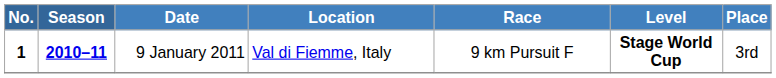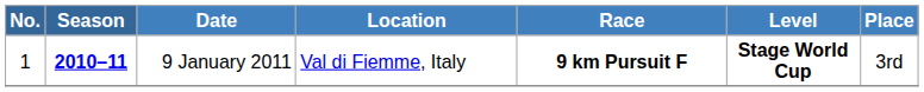 <table class="wikitable sortable" style="font-size:95%; text-align:center; border:grey solid 1px; border-collapse:collapse; background:#ffffff;">
 <tr style="background:#efefef;">
 <th style="background-color:#369; color:white;">No.</th>
 <th style="background-color:#369; color:white;">Season</th>
 <th style="background-color:#4180be; color:white; width:120px;">Date</th>
 <th style="background-color:#4180be; color:white; width:170px;">Location</th>
 <th style="background-color:#4180be; color:white; width:160px;">Race</th>
 <th style="background-color:#4180be; color:white; width:100px;">Level</th>
 <th style="background-color:#4180be; color:white;">Place</th>
 </tr>
 <tr>
-<td align=center><strong>1</strong></td>
+<td align=center>1</td>
 <td rowspan=1 align=center><strong> <a href='#'>2010–11</a> </strong></td>
 <td align=right>9 January 2011</td>
 <td align=left> <a href='#'>Val di Fiemme</a>, Italy</td>
-<td>9 km Pursuit F</td>
+<td><strong>9 km Pursuit F</strong></td>
 <td><strong>Stage World Cup</strong></td>
 <td>3rd</td>
 </tr>
 <tr>
 </tr>
 </table>
